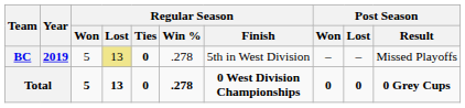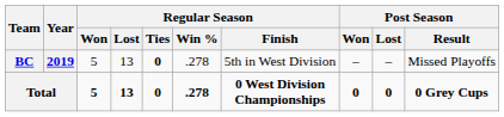 <table class="wikitable" style="font-size: 95%; text-align:center;">
 <tr>
 <th rowspan="2">Team</th>
 <th rowspan="2">Year</th>
 <th colspan="5">Regular Season</th>
 <th colspan="4">Post Season</th>
 </tr>
 <tr>
 <th>Won</th>
 <th>Lost</th>
 <th>Ties</th>
 <th>Win %</th>
 <th>Finish</th>
 <th>Won</th>
 <th>Lost</th>
 <th>Result</th>
 </tr>
 <tr>
 <th><a href='#'>BC</a></th>
 <th><a href='#'>2019</a></th>
 <td>5</td>
-<td style="background: khaki;">13</td>
+<td>13</td>
 <td><strong>0</strong></td>
 <td>.278</td>
 <td>5th in West Division</td>
 <td>–</td>
 <td>–</td>
 <td>Missed Playoffs</td>
 </tr>
 <tr>
 <th colspan="2"><strong>Total</strong></th>
 <td><strong>5</strong></td>
 <td><strong>13</strong></td>
 <td><strong>0</strong></td>
 <td><strong>.278</strong></td>
 <td><strong>0 West Division<br>Championships</strong></td>
 <td><strong>0</strong></td>
 <td><strong>0</strong></td>
 <td><strong>0 Grey Cups</strong></td>
 </tr>
 </table>
